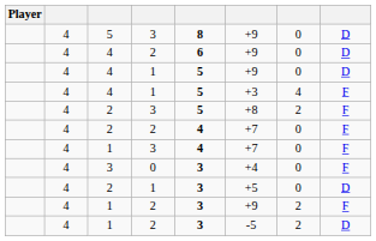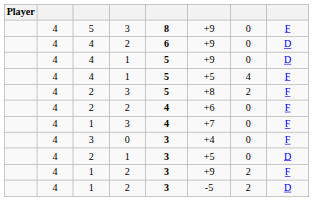 <table class="wikitable sortable" style="text-align:center;">
 <tr>
 <th>Player</th>
 <th width="50px"></th>
 <th width="50px"></th>
 <th width="50px"></th>
 <th width="60px"></th>
 <th width="60px"></th>
 <th width="50px"></th>
 <th width="60px"></th>
 </tr>
 <tr>
 <td align=left> </td>
 <td>4</td>
 <td>5</td>
 <td>3</td>
 <td><strong>8</strong></td>
 <td>+9</td>
 <td>0</td>
-<td><a href='#'>D</a></td>
+<td><a href='#'>F</a></td>
 </tr>
 <tr>
 <td align=left> </td>
 <td>4</td>
 <td>4</td>
 <td>2</td>
 <td><strong>6</strong></td>
 <td>+9</td>
 <td>0</td>
 <td><a href='#'>D</a></td>
 </tr>
 <tr>
 <td align=left> </td>
 <td>4</td>
 <td>4</td>
 <td>1</td>
 <td><strong>5</strong></td>
 <td>+9</td>
 <td>0</td>
 <td><a href='#'>D</a></td>
 </tr>
 <tr>
 <td align=left> </td>
 <td>4</td>
 <td>4</td>
 <td>1</td>
 <td><strong>5</strong></td>
-<td>+3</td>
+<td>+5</td>
 <td>4</td>
 <td><a href='#'>F</a></td>
 </tr>
 <tr>
 <td align=left> </td>
 <td>4</td>
 <td>2</td>
 <td>3</td>
 <td><strong>5</strong></td>
 <td>+8</td>
 <td>2</td>
 <td><a href='#'>F</a></td>
 </tr>
 <tr>
 <td align=left> </td>
 <td>4</td>
 <td>2</td>
 <td>2</td>
 <td><strong>4</strong></td>
-<td>+7</td>
+<td>+6</td>
 <td>0</td>
 <td><a href='#'>F</a></td>
 </tr>
 <tr>
 <td align=left> </td>
 <td>4</td>
 <td>1</td>
 <td>3</td>
 <td><strong>4</strong></td>
 <td>+7</td>
 <td>0</td>
 <td><a href='#'>F</a></td>
 </tr>
 <tr>
 <td align=left> </td>
 <td>4</td>
 <td>3</td>
 <td>0</td>
 <td><strong>3</strong></td>
 <td>+4</td>
 <td>0</td>
 <td><a href='#'>F</a></td>
 </tr>
 <tr>
 <td align=left> </td>
 <td>4</td>
 <td>2</td>
 <td>1</td>
 <td><strong>3</strong></td>
 <td>+5</td>
 <td>0</td>
 <td><a href='#'>D</a></td>
 </tr>
 <tr>
 <td align=left> </td>
 <td>4</td>
 <td>1</td>
 <td>2</td>
 <td><strong>3</strong></td>
 <td>+9</td>
 <td>2</td>
 <td><a href='#'>F</a></td>
 </tr>
 <tr>
 <td align=left> </td>
 <td>4</td>
 <td>1</td>
 <td>2</td>
 <td><strong>3</strong></td>
 <td>-5</td>
 <td>2</td>
 <td><a href='#'>D</a></td>
 </tr>
 </table>
